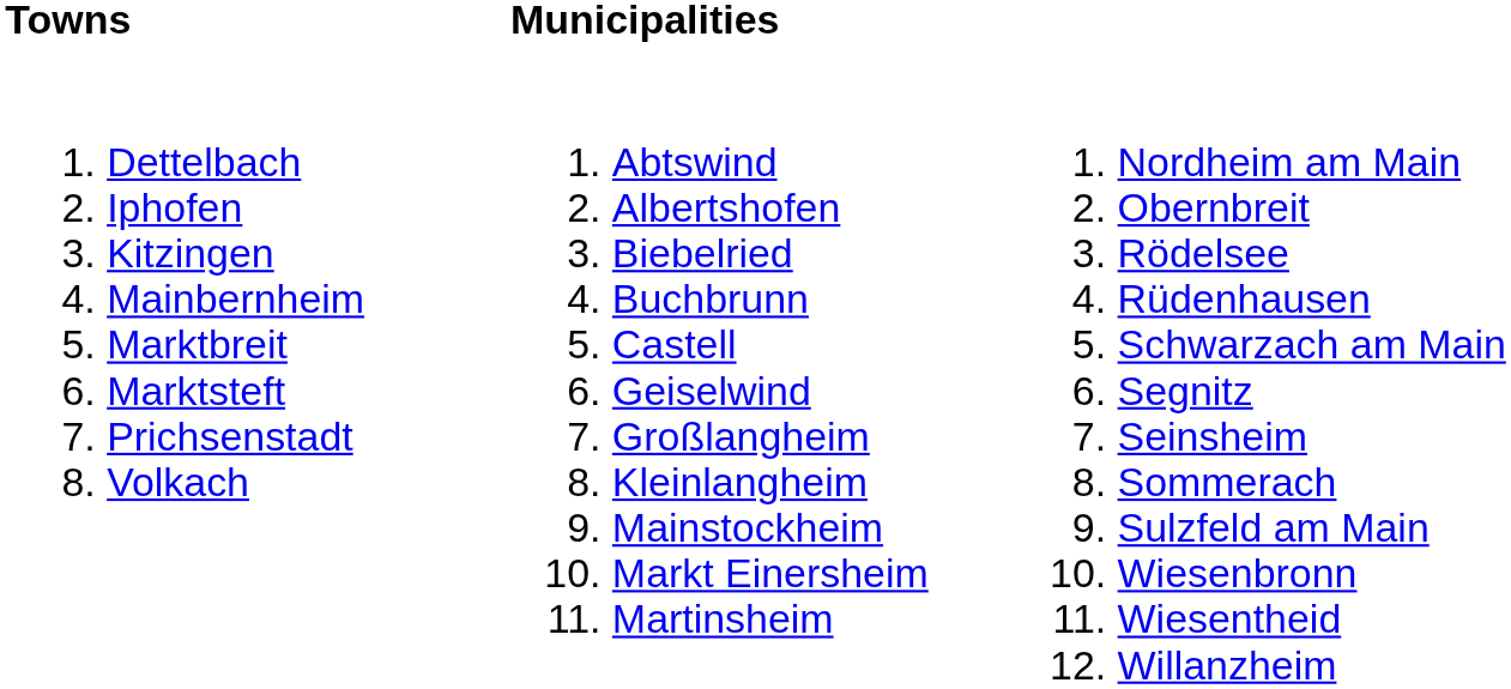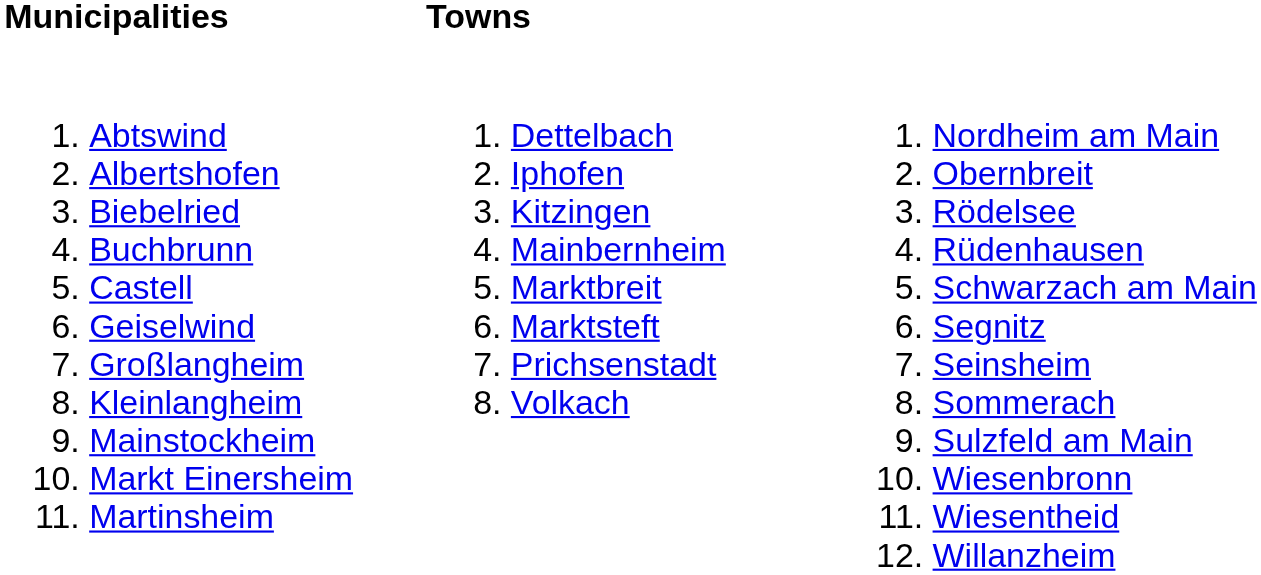 <table>
 <tr>
+<th align=left width=33%>Municipalities</th>
 <th align=left width=33%>Towns</th>
-<th align=left width=33%>Municipalities</th>
 <th align=left width=33%></th>
 </tr>
 <tr valign=top>
+<td><br><ol><li><a href='#'>Abtswind</a></li><li><a href='#'>Albertshofen</a></li><li><a href='#'>Biebelried</a></li><li><a href='#'>Buchbrunn</a></li><li><a href='#'>Castell</a></li><li><a href='#'>Geiselwind</a></li><li><a href='#'>Großlangheim</a></li><li><a href='#'>Kleinlangheim</a></li><li><a href='#'>Mainstockheim</a></li><li><a href='#'>Markt Einersheim</a></li><li><a href='#'>Martinsheim</a></li></ol></td>
 <td><br><ol><li><a href='#'>Dettelbach</a></li><li><a href='#'>Iphofen</a></li><li><a href='#'>Kitzingen</a></li><li><a href='#'>Mainbernheim</a></li><li><a href='#'>Marktbreit</a></li><li><a href='#'>Marktsteft</a></li><li><a href='#'>Prichsenstadt</a></li><li><a href='#'>Volkach</a></li></ol></td>
-<td><br><ol><li><a href='#'>Abtswind</a></li><li><a href='#'>Albertshofen</a></li><li><a href='#'>Biebelried</a></li><li><a href='#'>Buchbrunn</a></li><li><a href='#'>Castell</a></li><li><a href='#'>Geiselwind</a></li><li><a href='#'>Großlangheim</a></li><li><a href='#'>Kleinlangheim</a></li><li><a href='#'>Mainstockheim</a></li><li><a href='#'>Markt Einersheim</a></li><li><a href='#'>Martinsheim</a></li></ol></td>
 <td><br><ol> <li><a href='#'>Nordheim am Main</a> <li><a href='#'>Obernbreit</a> <li><a href='#'>Rödelsee</a> <li><a href='#'>Rüdenhausen</a> <li><a href='#'>Schwarzach am Main</a> <li><a href='#'>Segnitz</a> <li><a href='#'>Seinsheim</a> <li><a href='#'>Sommerach</a> <li><a href='#'>Sulzfeld am Main</a> <li><a href='#'>Wiesenbronn</a> <li><a href='#'>Wiesentheid</a> <li><a href='#'>Willanzheim</a> </ol></td>
 </tr>
 </table>
